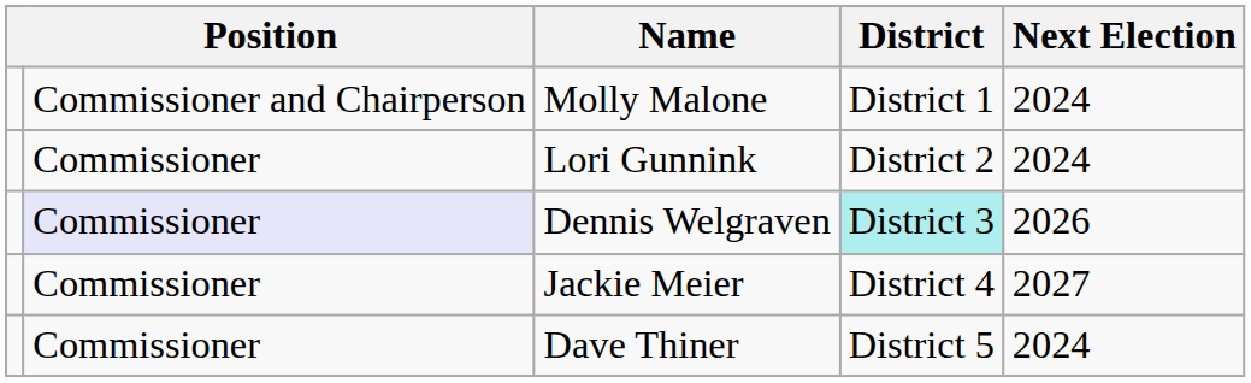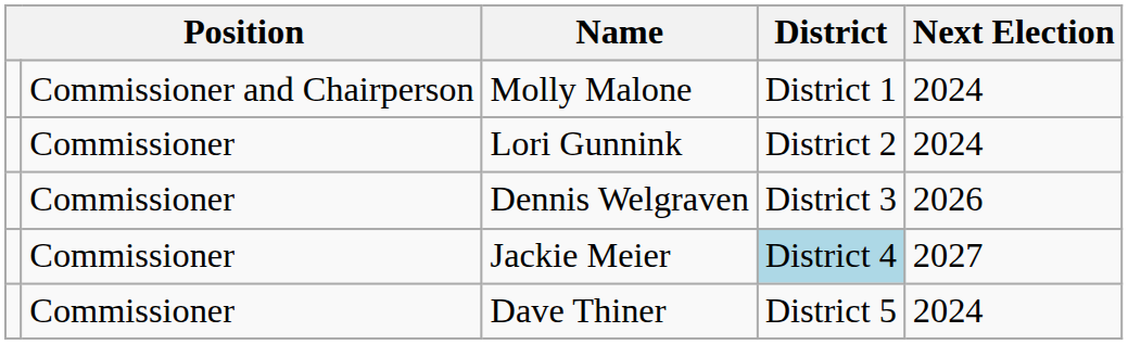 <table class="wikitable">
 <tr>
 <th colspan="2">Position</th>
 <th>Name</th>
 <th>District</th>
 <th>Next Election</th>
 </tr>
 <tr>
 <td></td>
 <td>Commissioner and Chairperson</td>
 <td>Molly Malone</td>
 <td>District 1</td>
 <td>2024</td>
 </tr>
 <tr>
 <td></td>
 <td>Commissioner</td>
 <td>Lori Gunnink</td>
 <td>District 2</td>
 <td>2024</td>
 </tr>
 <tr>
 <td></td>
-<td style="background: lavender;">Commissioner</td>
+<td>Commissioner</td>
 <td>Dennis Welgraven</td>
-<td style="background: paleturquoise;">District 3</td>
+<td>District 3</td>
 <td>2026</td>
 </tr>
 <tr>
 <td></td>
 <td>Commissioner</td>
 <td>Jackie Meier</td>
-<td>District 4</td>
+<td style="background: lightblue;">District 4</td>
 <td>2027</td>
 </tr>
 <tr>
 <td></td>
 <td>Commissioner</td>
 <td>Dave Thiner</td>
 <td>District 5</td>
 <td>2024</td>
 </tr>
 </table>
